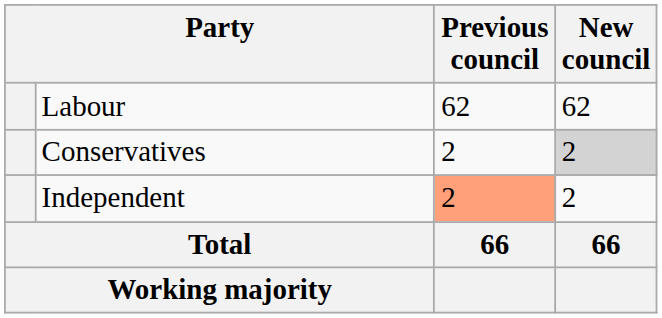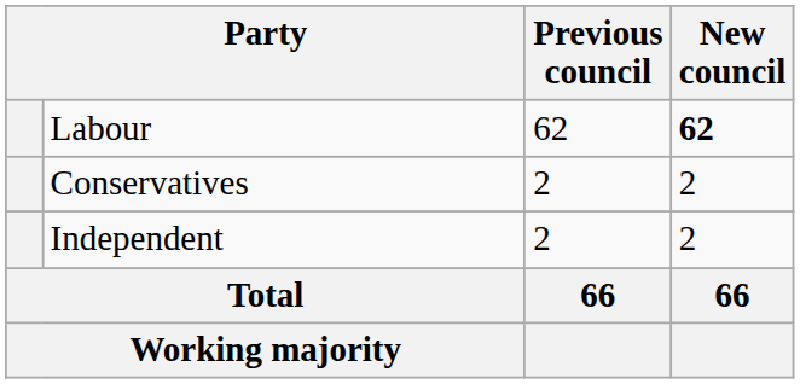 <table class="wikitable">
 <tr>
 <th valign=top colspan="2" style="width: 230px">Party</th>
 <th valign=top style="width: 30px">Previous council</th>
 <th valign=top style="width: 30px">New council</th>
 </tr>
 <tr>
 <th style="background-color: "></th>
 <td>Labour</td>
 <td>62</td>
-<td>62</td>
+<td><strong>62</strong></td>
 </tr>
 <tr>
 <th style="background-color: "></th>
 <td>Conservatives</td>
 <td>2</td>
-<td style="background: lightgrey;">2</td>
+<td>2</td>
 </tr>
 <tr>
 <th style="background-color: "></th>
 <td>Independent</td>
-<td style="background: lightsalmon;">2</td>
+<td>2</td>
 <td>2</td>
 </tr>
 <tr>
 <th colspan=2>Total</th>
 <th style="text-align: center">66</th>
 <th colspan=3>66</th>
 </tr>
 <tr>
 <th colspan=2>Working majority</th>
 <th></th>
 <th></th>
 </tr>
 </table>
